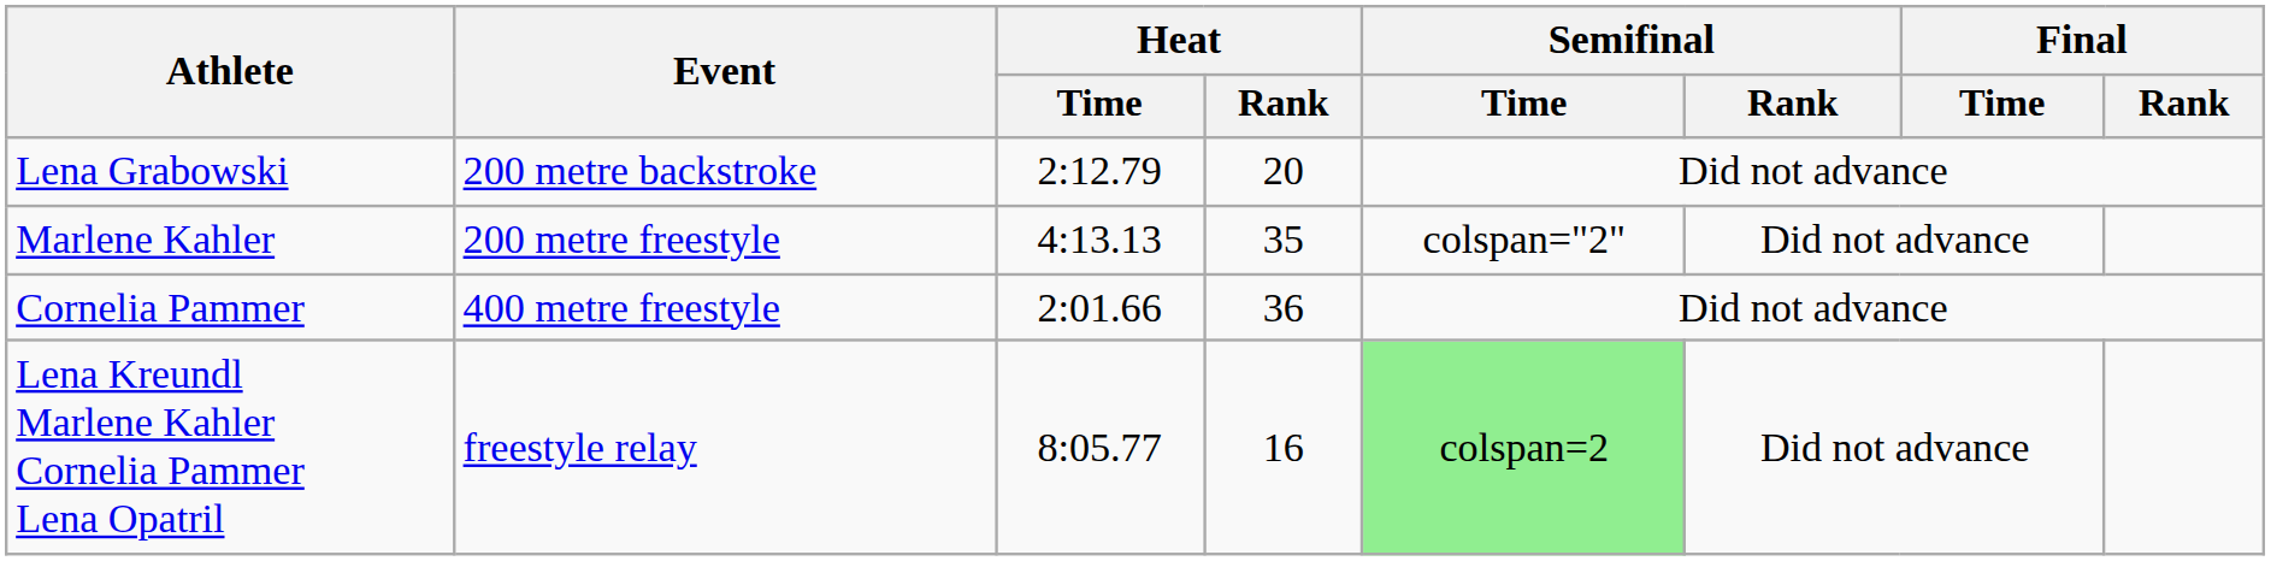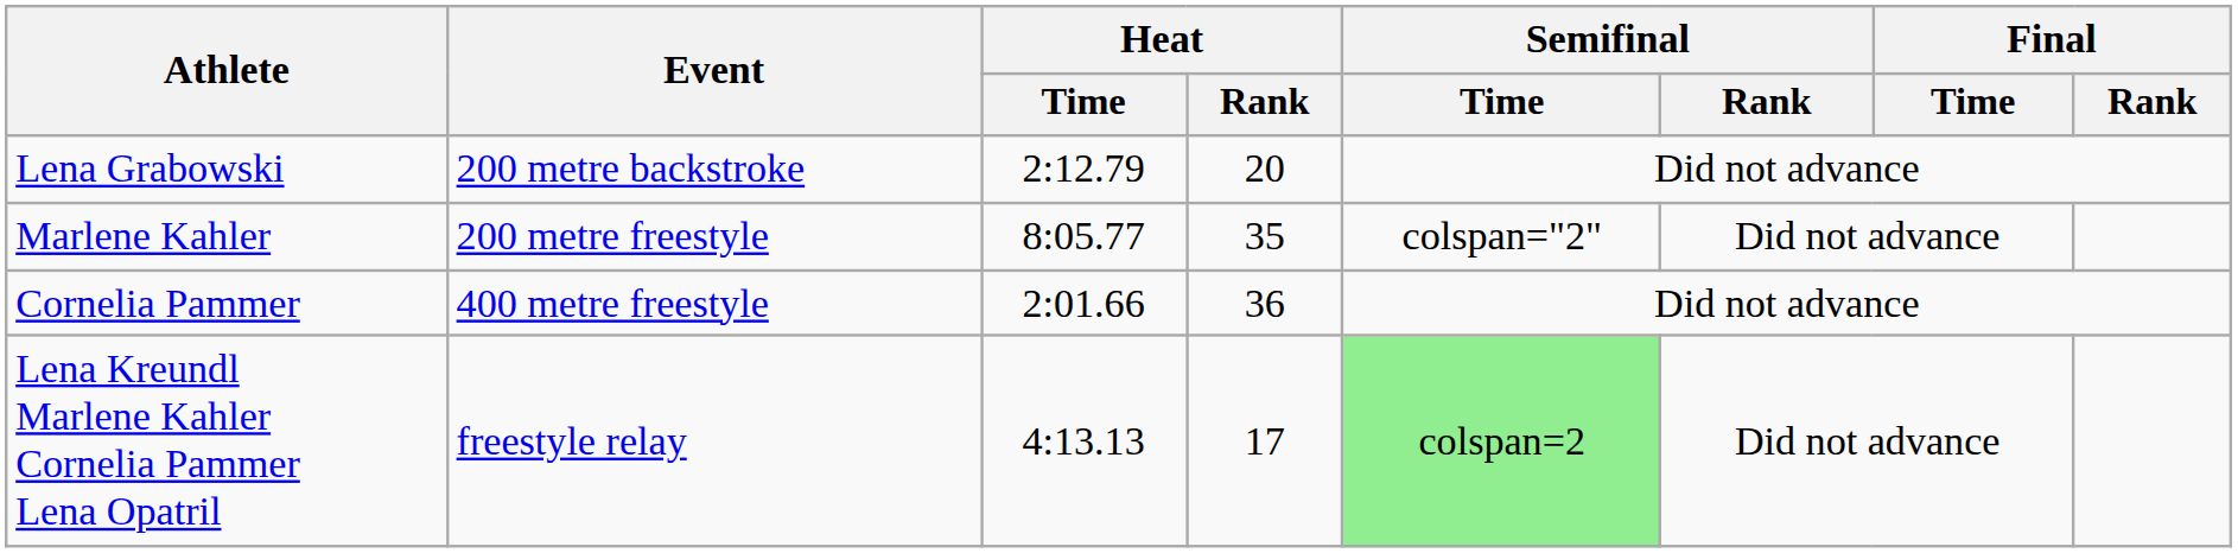 <table class="wikitable" style="text-align:center; font-size:90%; width:50%;">
 <tr>
 <th rowspan="2">Athlete</th>
 <th rowspan="2">Event</th>
 <th colspan="2">Heat</th>
 <th colspan="2">Semifinal</th>
 <th colspan="2">Final</th>
 </tr>
 <tr style="font-size:95%">
 <th>Time</th>
 <th>Rank</th>
 <th>Time</th>
 <th>Rank</th>
 <th>Time</th>
 <th>Rank</th>
 </tr>
 <tr>
 <td align=left><a href='#'>Lena Grabowski</a></td>
 <td align=left><a href='#'>200 metre backstroke</a></td>
 <td>2:12.79</td>
 <td>20</td>
 <td colspan=4>Did not advance</td>
 </tr>
 <tr align=center>
 <td align=left><a href='#'>Marlene Kahler</a></td>
 <td align=left><a href='#'>200 metre freestyle</a></td>
-<td>4:13.13</td>
+<td>8:05.77</td>
 <td>35</td>
 <td>colspan="2" </td>
 <td colspan="2">Did not advance</td>
 </tr>
 <tr>
 <td align=left><a href='#'>Cornelia Pammer</a></td>
 <td align=left><a href='#'>400 metre freestyle</a></td>
 <td>2:01.66</td>
 <td>36</td>
 <td colspan=4>Did not advance</td>
 </tr>
 <tr>
 <td align=left><a href='#'>Lena Kreundl</a> <br><a href='#'>Marlene Kahler</a><br><a href='#'>Cornelia Pammer</a><br><a href='#'>Lena Opatril</a></td>
 <td align=left><a href='#'> freestyle relay</a></td>
-<td>8:05.77</td>
-<td>16</td>
+<td>4:13.13</td>
+<td>17</td>
 <td style="background: lightgreen;">colspan=2 </td>
 <td colspan=2>Did not advance</td>
 </tr>
 </table>
